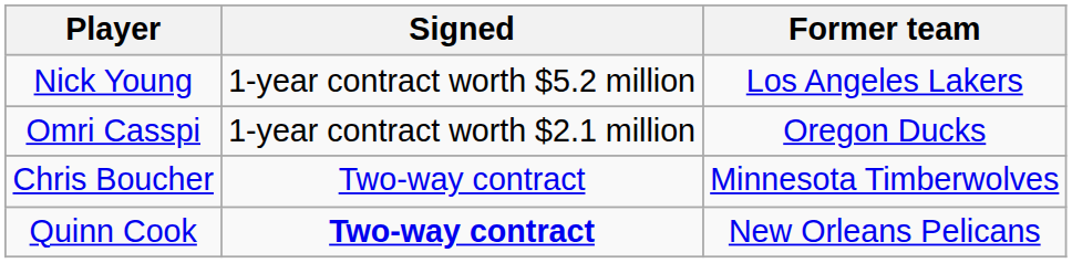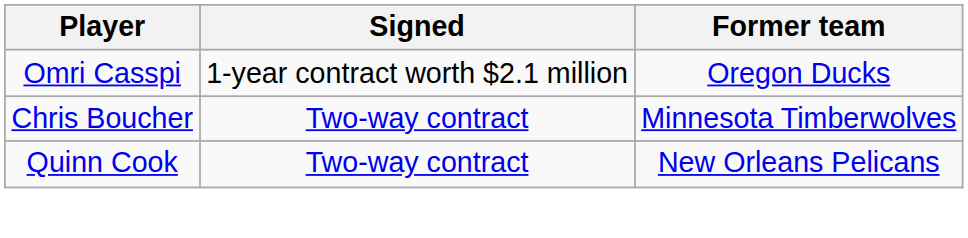 <table class="wikitable sortable sortable" style="text-align: center">
 <tr>
 <th>Player</th>
 <th>Signed</th>
 <th>Former team</th>
-</tr>
-<tr style="text-align: center">
-<td><a href='#'>Nick Young</a></td>
-<td>1-year contract worth $5.2 million</td>
-<td><a href='#'>Los Angeles Lakers</a></td>
 </tr>
 <tr style="text-align: center">
 <td><a href='#'>Omri Casspi</a></td>
 <td>1-year contract worth $2.1 million</td>
 <td><a href='#'>Oregon Ducks</a></td>
 </tr>
 <tr style="text-align: center">
 <td><a href='#'>Chris Boucher</a></td>
 <td><a href='#'>Two-way contract</a></td>
 <td><a href='#'>Minnesota Timberwolves</a></td>
 </tr>
 <tr style="text-align: center">
 <td><a href='#'>Quinn Cook</a></td>
-<td><strong><a href='#'>Two-way contract</a></strong></td>
+<td><a href='#'>Two-way contract</a></td>
 <td><a href='#'>New Orleans Pelicans</a></td>
 </tr>
 </table>
